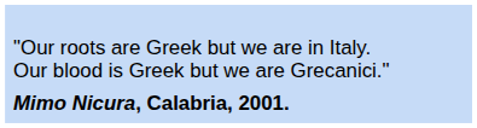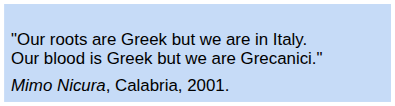 <table class="toccolours" style="float: right; margin-left: 1em; margin-right: 1em; font-size: 85%; background:#c6dbf7; color:black; width:23em; max-width: 25%;" cellspacing="5">
 <tr>
 <td style="text-align: left;"><br>"Our roots are Greek but we are in Italy.<br>Our blood is Greek but we are Grecanici."</td>
 </tr>
 <tr>
-<td style="text-align: left;"><strong><em>Mimo Nicura</em>, Calabria, 2001.</strong></td>
+<td style="text-align: left;"><em>Mimo Nicura</em>, Calabria, 2001.</td>
 </tr>
 </table>
